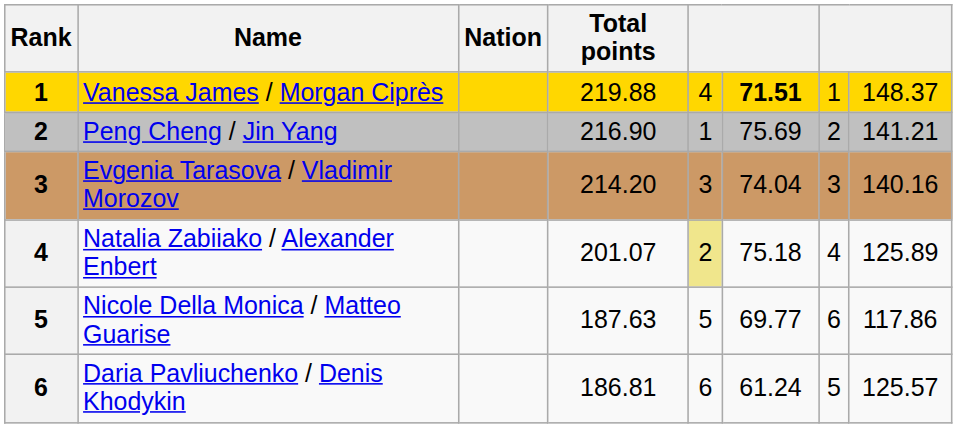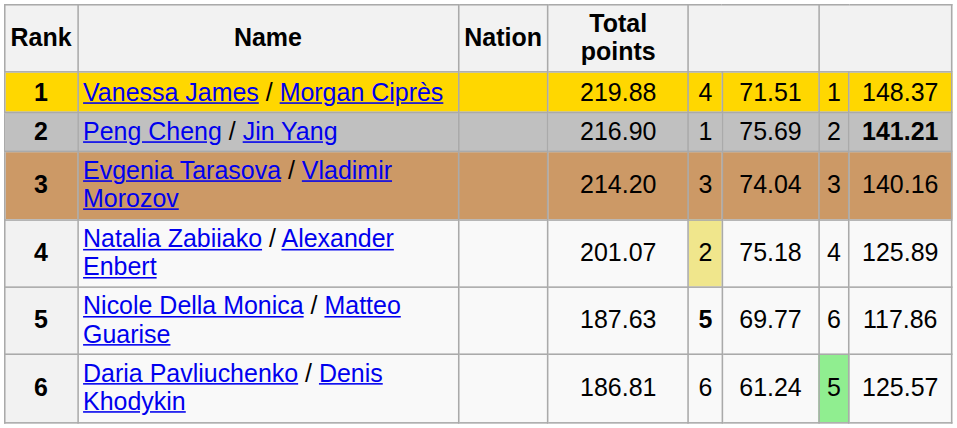 <table class="wikitable sortable">
 <tr>
 <th>Rank</th>
 <th>Name</th>
 <th>Nation</th>
 <th>Total points</th>
 <th colspan="2" width="80px"></th>
 <th colspan="2" width="80px"></th>
 </tr>
 <tr bgcolor="gold">
 <td align="center"><strong>1</strong></td>
 <td><a href='#'>Vanessa James</a> / <a href='#'>Morgan Ciprès</a></td>
 <td></td>
 <td align="center">219.88</td>
 <td align="center">4</td>
-<td align="center"><strong>71.51</strong></td>
+<td align="center">71.51</td>
 <td align="center">1</td>
 <td align="center">148.37</td>
 </tr>
 <tr bgcolor="silver">
 <td align="center"><strong>2</strong></td>
 <td><a href='#'>Peng Cheng</a> / <a href='#'>Jin Yang</a></td>
 <td></td>
 <td align="center">216.90</td>
 <td align="center">1</td>
 <td align="center">75.69</td>
 <td align="center">2</td>
-<td align="center">141.21</td>
+<td align="center"><strong>141.21</strong></td>
 </tr>
 <tr bgcolor="cc9966">
 <td align="center"><strong>3</strong></td>
 <td><a href='#'>Evgenia Tarasova</a> / <a href='#'>Vladimir Morozov</a></td>
 <td></td>
 <td align="center">214.20</td>
 <td align="center">3</td>
 <td align="center">74.04</td>
 <td align="center">3</td>
 <td align="center">140.16</td>
 </tr>
 <tr>
 <th>4</th>
 <td><a href='#'>Natalia Zabiiako</a> / <a href='#'>Alexander Enbert</a></td>
 <td></td>
 <td align="center">201.07</td>
 <td align="center" style="background: khaki;">2</td>
 <td align="center">75.18</td>
 <td align="center">4</td>
 <td align="center">125.89</td>
 </tr>
 <tr>
 <th>5</th>
 <td><a href='#'>Nicole Della Monica</a> / <a href='#'>Matteo Guarise</a></td>
 <td></td>
 <td align="center">187.63</td>
-<td align="center">5</td>
+<td align="center"><strong>5</strong></td>
 <td align="center">69.77</td>
 <td align="center">6</td>
 <td align="center">117.86</td>
 </tr>
 <tr>
 <th>6</th>
 <td><a href='#'>Daria Pavliuchenko</a> / <a href='#'>Denis Khodykin</a></td>
 <td></td>
 <td align="center">186.81</td>
 <td align="center">6</td>
 <td align="center">61.24</td>
-<td align="center">5</td>
+<td align="center" style="background: lightgreen;">5</td>
 <td align="center">125.57</td>
 </tr>
 </table>
